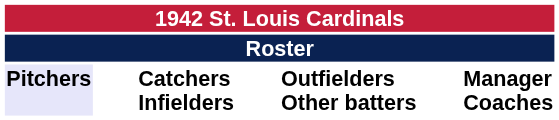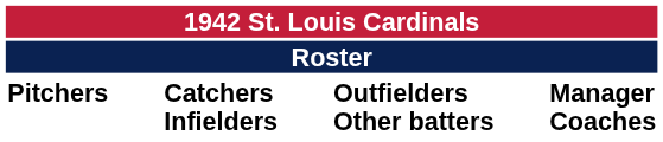 <table class="toccolours" style="font-size: 95%;">
 <tr>
 <th colspan="10" style="background-color: #c41e3a; color: white; text-align: center;">1942 St. Louis Cardinals</th>
 </tr>
 <tr>
 <td colspan="10" style="background-color: #0a2252; color: white; text-align: center;"><strong>Roster</strong></td>
 </tr>
 <tr>
-<td valign="top" style="background: lavender;"><strong>Pitchers</strong><br>            </td>
+<td valign="top"><strong>Pitchers</strong><br>            </td>
 <td width="25px"></td>
 <td valign="top"><strong>Catchers</strong><br>     <strong>Infielders</strong>        </td>
 <td width="25px"></td>
 <td valign="top"><strong>Outfielders</strong><br>      <strong>Other batters</strong> </td>
 <td width="25px"></td>
 <td valign="top"><strong>Manager</strong><br> <strong>Coaches</strong> </small> </td>
 </tr>
 </table>
